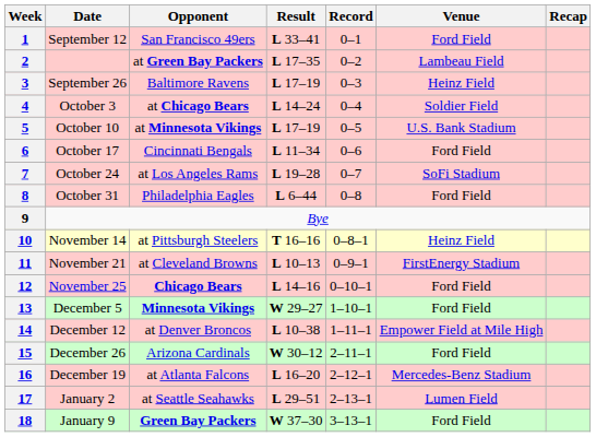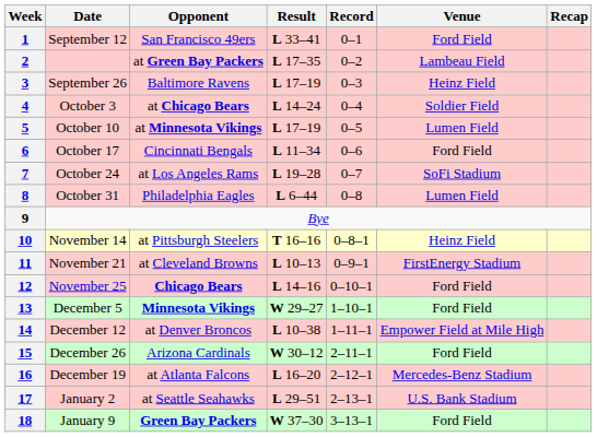 <table class="wikitable" style="text-align:center">
 <tr>
 <th>Week</th>
 <th>Date</th>
 <th>Opponent</th>
 <th>Result</th>
 <th>Record</th>
 <th>Venue</th>
 <th>Recap</th>
 </tr>
 <tr style="background:#fcc">
 <th><a href='#'>1</a></th>
 <td>September 12</td>
 <td><a href='#'>San Francisco 49ers</a></td>
 <td><strong>L</strong> 33–41</td>
 <td>0–1</td>
 <td><a href='#'>Ford Field</a></td>
 <td></td>
 </tr>
 <tr style="background:#fcc">
 <th><a href='#'>2</a></th>
 <td></td>
 <td>at <strong><a href='#'>Green Bay Packers</a></strong></td>
 <td><strong>L</strong> 17–35</td>
 <td>0–2</td>
 <td><a href='#'>Lambeau Field</a></td>
 <td></td>
 </tr>
 <tr style="background:#fcc">
 <th><a href='#'>3</a></th>
 <td>September 26</td>
 <td><a href='#'>Baltimore Ravens</a></td>
 <td><strong>L</strong> 17–19</td>
 <td>0–3</td>
 <td><a href='#'>Heinz Field</a></td>
 <td></td>
 </tr>
 <tr style="background:#fcc">
 <th><a href='#'>4</a></th>
 <td>October 3</td>
 <td>at <strong><a href='#'>Chicago Bears</a></strong></td>
 <td><strong>L</strong> 14–24</td>
 <td>0–4</td>
 <td><a href='#'>Soldier Field</a></td>
 <td></td>
 </tr>
 <tr style="background:#fcc">
 <th><a href='#'>5</a></th>
 <td>October 10</td>
 <td>at <strong><a href='#'>Minnesota Vikings</a></strong></td>
 <td><strong>L</strong> 17–19</td>
 <td>0–5</td>
-<td><a href='#'>U.S. Bank Stadium</a></td>
+<td><a href='#'>Lumen Field</a></td>
 <td></td>
 </tr>
 <tr style="background:#fcc">
 <th><a href='#'>6</a></th>
 <td>October 17</td>
 <td><a href='#'>Cincinnati Bengals</a></td>
 <td><strong>L</strong> 11–34</td>
 <td>0–6</td>
 <td>Ford Field</td>
 <td></td>
 </tr>
 <tr style="background:#fcc">
 <th><a href='#'>7</a></th>
 <td>October 24</td>
 <td>at <a href='#'>Los Angeles Rams</a></td>
 <td><strong>L</strong> 19–28</td>
 <td>0–7</td>
 <td><a href='#'>SoFi Stadium</a></td>
 <td></td>
 </tr>
 <tr style="background:#fcc">
 <th><a href='#'>8</a></th>
 <td>October 31</td>
 <td><a href='#'>Philadelphia Eagles</a></td>
 <td><strong>L</strong> 6–44</td>
 <td>0–8</td>
-<td>Ford Field</td>
+<td><a href='#'>Lumen Field</a></td>
 <td></td>
 </tr>
 <tr>
 <th>9</th>
 <td colspan="6"><em><a href='#'>Bye</a></em></td>
 </tr>
 <tr style="background:#ffc">
 <th><a href='#'>10</a></th>
 <td>November 14</td>
 <td>at <a href='#'>Pittsburgh Steelers</a></td>
 <td><strong>T</strong> 16–16 </td>
 <td>0–8–1</td>
 <td><a href='#'>Heinz Field</a></td>
 <td></td>
 </tr>
 <tr style="background:#fcc">
 <th><a href='#'>11</a></th>
 <td>November 21</td>
 <td>at <a href='#'>Cleveland Browns</a></td>
 <td><strong>L</strong> 10–13</td>
 <td>0–9–1</td>
 <td><a href='#'>FirstEnergy Stadium</a></td>
 <td></td>
 </tr>
 <tr style="background:#fcc">
 <th><a href='#'>12</a></th>
 <td><a href='#'>November 25</a></td>
 <td><strong><a href='#'>Chicago Bears</a></strong></td>
 <td><strong>L</strong> 14–16</td>
 <td>0–10–1</td>
 <td>Ford Field</td>
 <td></td>
 </tr>
 <tr style="background:#cfc">
 <th><a href='#'>13</a></th>
 <td>December 5</td>
 <td><strong><a href='#'>Minnesota Vikings</a></strong></td>
 <td><strong>W</strong> 29–27</td>
 <td>1–10–1</td>
 <td>Ford Field</td>
 <td></td>
 </tr>
 <tr style="background:#fcc">
 <th><a href='#'>14</a></th>
 <td>December 12</td>
 <td>at <a href='#'>Denver Broncos</a></td>
 <td><strong>L</strong> 10–38</td>
 <td>1–11–1</td>
 <td><a href='#'>Empower Field at Mile High</a></td>
 <td></td>
 </tr>
 <tr style="background:#cfc">
 <th><a href='#'>15</a></th>
 <td>December 26</td>
 <td><a href='#'>Arizona Cardinals</a></td>
 <td><strong>W</strong> 30–12</td>
 <td>2–11–1</td>
 <td>Ford Field</td>
 <td></td>
 </tr>
 <tr style="background:#fcc">
 <th><a href='#'>16</a></th>
 <td>December 19</td>
 <td>at <a href='#'>Atlanta Falcons</a></td>
 <td><strong>L</strong> 16–20</td>
 <td>2–12–1</td>
 <td><a href='#'>Mercedes-Benz Stadium</a></td>
 <td></td>
 </tr>
 <tr style="background:#fcc">
 <th><a href='#'>17</a></th>
 <td>January 2</td>
 <td>at <a href='#'>Seattle Seahawks</a></td>
 <td><strong>L</strong> 29–51</td>
 <td>2–13–1</td>
-<td><a href='#'>Lumen Field</a></td>
+<td><a href='#'>U.S. Bank Stadium</a></td>
 <td></td>
 </tr>
 <tr style="background:#cfc">
 <th><a href='#'>18</a></th>
 <td>January 9</td>
 <td><strong><a href='#'>Green Bay Packers</a></strong></td>
 <td><strong>W</strong> 37–30</td>
 <td>3–13–1</td>
 <td>Ford Field</td>
 <td></td>
 </tr>
 </table>
